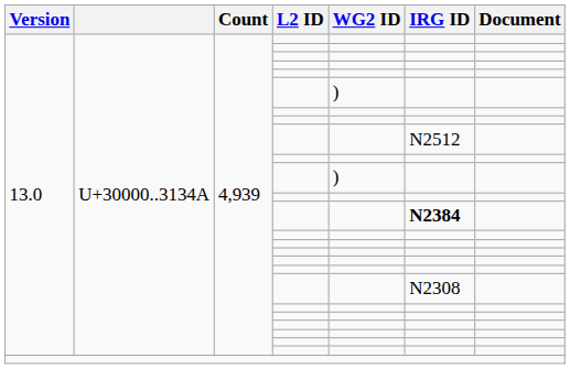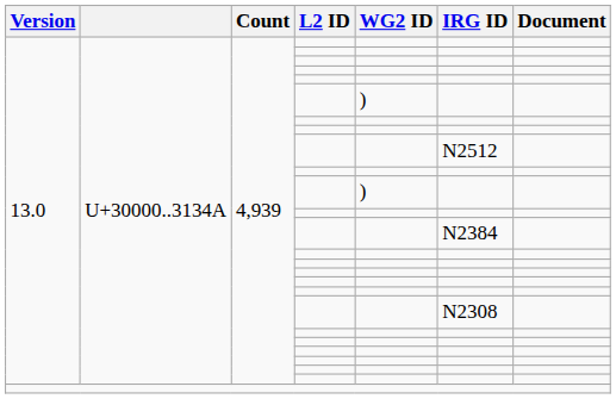 <table class="wikitable collapsible sticky-header">
 <tr>
 <th><a href='#'>Version</a></th>
 <th></th>
 <th>Count</th>
 <th><a href='#'>L2</a> ID</th>
 <th><a href='#'>WG2</a> ID</th>
 <th><a href='#'>IRG</a> ID</th>
 <th>Document</th>
 </tr>
 <tr>
 <td rowspan="25">13.0</td>
 <td rowspan="25">U+30000..3134A</td>
 <td rowspan="25">4,939</td>
 <td></td>
 <td></td>
 <td></td>
 <td></td>
 </tr>
 <tr>
 <td></td>
 <td></td>
 <td></td>
 <td></td>
 </tr>
 <tr>
 <td></td>
 <td></td>
 <td></td>
 <td></td>
 </tr>
 <tr>
 <td></td>
 <td></td>
 <td></td>
 <td></td>
 </tr>
 <tr>
 <td></td>
 <td></td>
 <td></td>
 <td></td>
 </tr>
 <tr>
 <td></td>
 <td> )</td>
 <td></td>
 <td></td>
 </tr>
 <tr>
 <td></td>
 <td></td>
 <td></td>
 <td></td>
 </tr>
 <tr>
 <td></td>
 <td></td>
 <td></td>
 <td></td>
 </tr>
 <tr>
 <td></td>
 <td></td>
 <td>N2512</td>
 <td></td>
 </tr>
 <tr>
 <td></td>
 <td></td>
 <td></td>
 <td></td>
 </tr>
 <tr>
 <td></td>
 <td> )</td>
 <td></td>
 <td></td>
 </tr>
 <tr>
 <td></td>
 <td></td>
 <td></td>
 <td></td>
 </tr>
 <tr>
 <td></td>
 <td></td>
-<td><strong>N2384</strong></td>
+<td>N2384</td>
 <td></td>
 </tr>
 <tr>
 <td></td>
 <td></td>
 <td></td>
 <td></td>
 </tr>
 <tr>
 <td></td>
 <td></td>
 <td></td>
 <td></td>
 </tr>
 <tr>
 <td></td>
 <td></td>
 <td></td>
 <td></td>
 </tr>
 <tr>
 <td></td>
 <td></td>
 <td></td>
 <td></td>
 </tr>
 <tr>
 <td></td>
 <td></td>
 <td></td>
 <td></td>
 </tr>
 <tr>
 <td></td>
 <td></td>
 <td>N2308</td>
 <td></td>
 </tr>
 <tr>
 <td></td>
 <td></td>
 <td></td>
 <td></td>
 </tr>
 <tr>
 <td></td>
 <td></td>
 <td></td>
 <td></td>
 </tr>
 <tr>
 <td></td>
 <td></td>
 <td></td>
 <td></td>
 </tr>
 <tr>
 <td></td>
 <td></td>
 <td></td>
 <td></td>
 </tr>
 <tr>
 <td></td>
 <td></td>
 <td></td>
 <td></td>
 </tr>
 <tr>
 <td></td>
 <td></td>
 <td></td>
 <td></td>
 </tr>
 <tr class="sortbottom">
 <td colspan="7"></td>
 </tr>
 </table>
